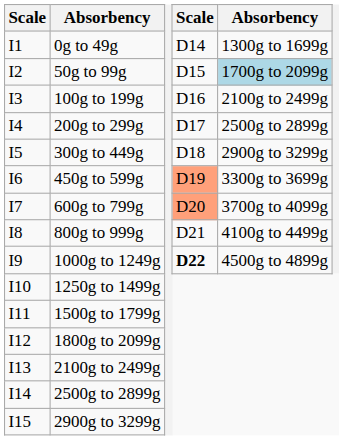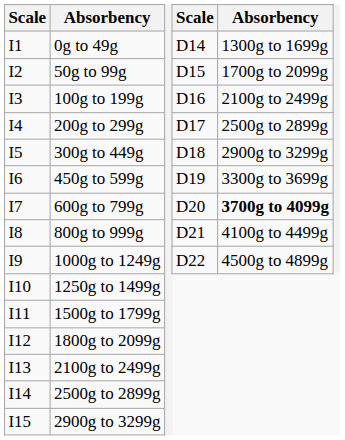 <table class="wikitable" style="border: none;">
 <tr>
 <th>Scale</th>
 <th>Absorbency</th>
 <th rowspan="16" style="border: none;"></th>
 <th>Scale</th>
 <th>Absorbency</th>
 <th rowspan="10" style="border: none;"></th>
 </tr>
 <tr>
 <td>I1</td>
 <td>0g to 49g</td>
 <td>D14</td>
 <td>1300g to 1699g</td>
 </tr>
 <tr>
 <td>I2</td>
 <td>50g to 99g</td>
 <td>D15</td>
-<td style="background: lightblue;">1700g to 2099g</td>
+<td>1700g to 2099g</td>
 </tr>
 <tr>
 <td>I3</td>
 <td>100g to 199g</td>
 <td>D16</td>
 <td>2100g to 2499g</td>
 </tr>
 <tr>
 <td>I4</td>
 <td>200g to 299g</td>
 <td>D17</td>
 <td>2500g to 2899g</td>
 </tr>
 <tr>
 <td>I5</td>
 <td>300g to 449g</td>
 <td>D18</td>
 <td>2900g to 3299g</td>
 </tr>
 <tr>
 <td>I6</td>
 <td>450g to 599g</td>
-<td style="background: lightsalmon;">D19</td>
+<td>D19</td>
 <td>3300g to 3699g</td>
 </tr>
 <tr>
 <td>I7</td>
 <td>600g to 799g</td>
-<td style="background: lightsalmon;">D20</td>
-<td>3700g to 4099g</td>
+<td>D20</td>
+<td><strong>3700g to 4099g</strong></td>
 </tr>
 <tr>
 <td>I8</td>
 <td>800g to 999g</td>
 <td>D21</td>
 <td>4100g to 4499g</td>
 </tr>
 <tr>
 <td>I9</td>
 <td>1000g to 1249g</td>
-<td><strong>D22</strong></td>
+<td>D22</td>
 <td>4500g to 4899g</td>
 </tr>
 <tr>
 <td>I10</td>
 <td>1250g to 1499g</td>
 </tr>
 <tr>
 <td>I11</td>
 <td>1500g to 1799g</td>
 </tr>
 <tr>
 <td>I12</td>
 <td>1800g to 2099g</td>
 </tr>
 <tr>
 <td>I13</td>
 <td>2100g to 2499g</td>
 </tr>
 <tr>
 <td>I14</td>
 <td>2500g to 2899g</td>
 </tr>
 <tr>
 <td>I15</td>
 <td>2900g to 3299g</td>
 </tr>
 </table>
